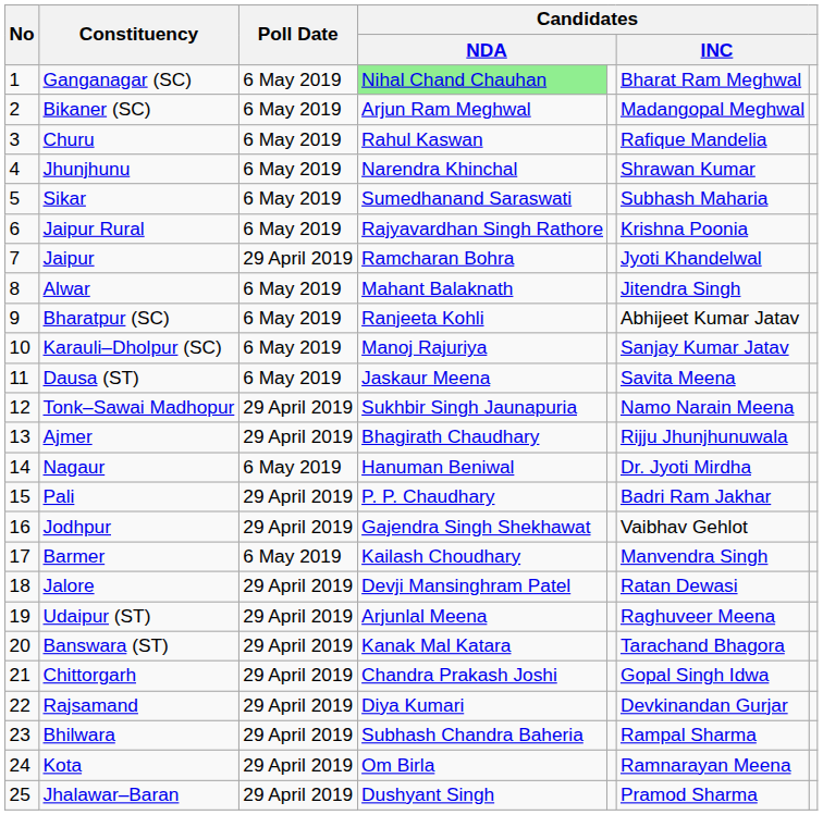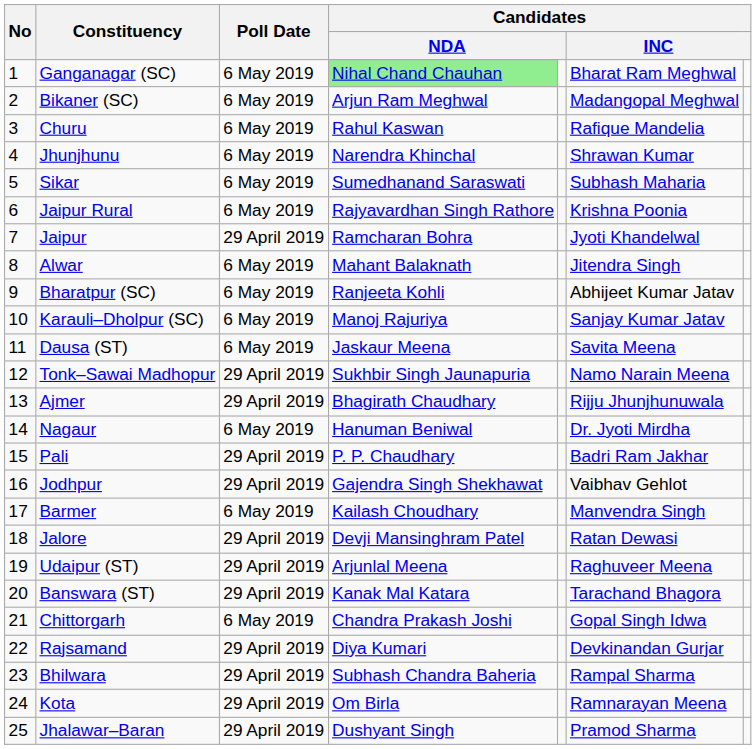 <table class="wikitable sortable">
 <tr>
 <th rowspan="2">No</th>
 <th rowspan="2">Constituency</th>
 <th rowspan="2">Poll Date</th>
 <th colspan="4">Candidates</th>
 </tr>
 <tr>
 <th colspan="2"><a href='#'>NDA</a><br>   </th>
 <th colspan="2"><a href='#'>INC</a></th>
 </tr>
 <tr>
 <td>1</td>
 <td><a href='#'>Ganganagar</a> (SC)</td>
 <td>6 May 2019</td>
 <td style="background: lightgreen;"><a href='#'>Nihal Chand Chauhan</a></td>
 <td></td>
 <td><a href='#'>Bharat Ram Meghwal</a></td>
 <td></td>
 </tr>
 <tr>
 <td>2</td>
 <td><a href='#'>Bikaner</a> (SC)</td>
 <td>6 May 2019</td>
 <td><a href='#'>Arjun Ram Meghwal</a></td>
 <td></td>
 <td><a href='#'>Madangopal Meghwal</a></td>
 <td></td>
 </tr>
 <tr>
 <td>3</td>
 <td><a href='#'>Churu</a></td>
 <td>6 May 2019</td>
 <td><a href='#'>Rahul Kaswan</a></td>
 <td></td>
 <td><a href='#'>Rafique Mandelia</a></td>
 <td></td>
 </tr>
 <tr>
 <td>4</td>
 <td><a href='#'>Jhunjhunu</a></td>
 <td>6 May 2019</td>
 <td><a href='#'>Narendra Khinchal</a></td>
 <td></td>
 <td><a href='#'>Shrawan Kumar</a></td>
 <td></td>
 </tr>
 <tr>
 <td>5</td>
 <td><a href='#'>Sikar</a></td>
 <td>6 May 2019</td>
 <td><a href='#'>Sumedhanand Saraswati</a></td>
 <td></td>
 <td><a href='#'>Subhash Maharia</a></td>
 <td></td>
 </tr>
 <tr>
 <td>6</td>
 <td><a href='#'>Jaipur Rural</a></td>
 <td>6 May 2019</td>
 <td><a href='#'>Rajyavardhan Singh Rathore</a></td>
 <td></td>
 <td><a href='#'>Krishna Poonia</a></td>
 <td></td>
 </tr>
 <tr>
 <td>7</td>
 <td><a href='#'>Jaipur</a></td>
 <td>29 April 2019</td>
 <td><a href='#'>Ramcharan Bohra</a></td>
 <td></td>
 <td><a href='#'>Jyoti Khandelwal</a></td>
 <td></td>
 </tr>
 <tr>
 <td>8</td>
 <td><a href='#'>Alwar</a></td>
 <td>6 May 2019</td>
 <td><a href='#'>Mahant Balaknath</a></td>
 <td></td>
 <td><a href='#'>Jitendra Singh</a></td>
 <td></td>
 </tr>
 <tr>
 <td>9</td>
 <td><a href='#'>Bharatpur</a> (SC)</td>
 <td>6 May 2019</td>
 <td><a href='#'>Ranjeeta Kohli</a></td>
 <td></td>
 <td>Abhijeet Kumar Jatav</td>
 <td></td>
 </tr>
 <tr>
 <td>10</td>
 <td><a href='#'>Karauli–Dholpur</a> (SC)</td>
 <td>6 May 2019</td>
 <td><a href='#'>Manoj Rajuriya</a></td>
 <td></td>
 <td><a href='#'>Sanjay Kumar Jatav</a></td>
 <td></td>
 </tr>
 <tr>
 <td>11</td>
 <td><a href='#'>Dausa</a> (ST)</td>
 <td>6 May 2019</td>
 <td><a href='#'>Jaskaur Meena</a></td>
 <td></td>
 <td><a href='#'>Savita Meena</a></td>
 <td></td>
 </tr>
 <tr>
 <td>12</td>
 <td><a href='#'>Tonk–Sawai Madhopur</a></td>
 <td>29 April 2019</td>
 <td><a href='#'>Sukhbir Singh Jaunapuria</a></td>
 <td></td>
 <td><a href='#'>Namo Narain Meena</a></td>
 <td></td>
 </tr>
 <tr>
 <td>13</td>
 <td><a href='#'>Ajmer</a></td>
 <td>29 April 2019</td>
 <td><a href='#'>Bhagirath Chaudhary</a></td>
 <td></td>
 <td><a href='#'>Rijju Jhunjhunuwala</a></td>
 <td></td>
 </tr>
 <tr>
 <td>14</td>
 <td><a href='#'>Nagaur</a></td>
 <td>6 May 2019</td>
 <td><a href='#'>Hanuman Beniwal</a></td>
 <td></td>
 <td><a href='#'>Dr. Jyoti Mirdha</a></td>
 <td></td>
 </tr>
 <tr>
 <td>15</td>
 <td><a href='#'>Pali</a></td>
 <td>29 April 2019</td>
 <td><a href='#'>P. P. Chaudhary</a></td>
 <td></td>
 <td><a href='#'>Badri Ram Jakhar</a></td>
 <td></td>
 </tr>
 <tr>
 <td>16</td>
 <td><a href='#'>Jodhpur</a></td>
 <td>29 April 2019</td>
 <td><a href='#'>Gajendra Singh Shekhawat</a></td>
 <td></td>
 <td>Vaibhav Gehlot</td>
 <td></td>
 </tr>
 <tr>
 <td>17</td>
 <td><a href='#'>Barmer</a></td>
 <td>6 May 2019</td>
 <td><a href='#'>Kailash Choudhary</a></td>
 <td></td>
 <td><a href='#'>Manvendra Singh</a></td>
 <td></td>
 </tr>
 <tr>
 <td>18</td>
 <td><a href='#'>Jalore</a></td>
 <td>29 April 2019</td>
 <td><a href='#'>Devji Mansinghram Patel</a></td>
 <td></td>
 <td><a href='#'>Ratan Dewasi</a></td>
 <td></td>
 </tr>
 <tr>
 <td>19</td>
 <td><a href='#'>Udaipur</a> (ST)</td>
 <td>29 April 2019</td>
 <td><a href='#'>Arjunlal Meena</a></td>
 <td></td>
 <td><a href='#'>Raghuveer Meena</a></td>
 <td></td>
 </tr>
 <tr>
 <td>20</td>
 <td><a href='#'>Banswara</a> (ST)</td>
 <td>29 April 2019</td>
 <td><a href='#'>Kanak Mal Katara</a></td>
 <td></td>
 <td><a href='#'>Tarachand Bhagora</a></td>
 <td></td>
 </tr>
 <tr>
 <td>21</td>
 <td><a href='#'>Chittorgarh</a></td>
-<td>29 April 2019</td>
+<td>6 May 2019</td>
 <td><a href='#'>Chandra Prakash Joshi</a></td>
 <td></td>
 <td><a href='#'>Gopal Singh Idwa</a></td>
 <td></td>
 </tr>
 <tr>
 <td>22</td>
 <td><a href='#'>Rajsamand</a></td>
 <td>29 April 2019</td>
 <td><a href='#'>Diya Kumari</a></td>
 <td></td>
 <td><a href='#'>Devkinandan Gurjar</a></td>
 <td></td>
 </tr>
 <tr>
 <td>23</td>
 <td><a href='#'>Bhilwara</a></td>
 <td>29 April 2019</td>
 <td><a href='#'>Subhash Chandra Baheria</a></td>
 <td></td>
 <td><a href='#'>Rampal Sharma</a></td>
 <td></td>
 </tr>
 <tr>
 <td>24</td>
 <td><a href='#'>Kota</a></td>
 <td>29 April 2019</td>
 <td><a href='#'>Om Birla</a></td>
 <td></td>
 <td><a href='#'>Ramnarayan Meena</a></td>
 <td></td>
 </tr>
 <tr>
 <td>25</td>
 <td><a href='#'>Jhalawar–Baran</a></td>
 <td>29 April 2019</td>
 <td><a href='#'>Dushyant Singh</a></td>
 <td></td>
 <td><a href='#'>Pramod Sharma</a></td>
 <td></td>
 </tr>
 </table>
